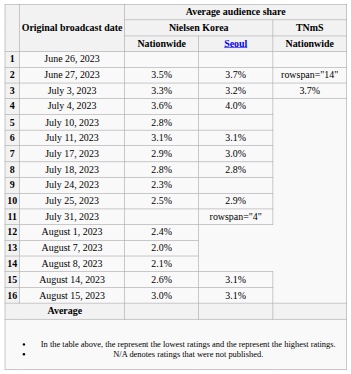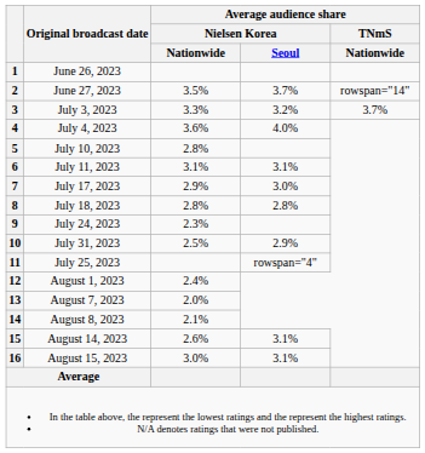 <table class="wikitable" style="text-align:center; max-width:600px; margin-left:auto; margin-right:auto">
 <tr>
 <th scope="col" rowspan="3"></th>
 <th scope="col" rowspan="3">Original broadcast date</th>
 <th scope="col" colspan="3">Average audience share</th>
 </tr>
 <tr>
 <th scope="col" colspan="2">Nielsen Korea</th>
 <th scope="col">TNmS</th>
 </tr>
 <tr>
 <th scope="col" style="width:7em">Nationwide</th>
 <th scope="col" style="width:7em"><a href='#'>Seoul</a></th>
 <th scope="col" style="width:7em">Nationwide</th>
 </tr>
 <tr>
 <th scope"row">1</th>
 <td>June 26, 2023</td>
 <td><strong></strong> </td>
 <td><strong></strong> </td>
 <td></td>
 </tr>
 <tr>
 <th scope"row">2</th>
 <td>June 27, 2023</td>
 <td>3.5% </td>
 <td>3.7% </td>
 <td>rowspan="14" </td>
 </tr>
 <tr>
 <th scope"row">3</th>
 <td>July 3, 2023</td>
 <td>3.3% </td>
 <td>3.2% </td>
 <td>3.7% </td>
 </tr>
 <tr>
 <th scope"row">4</th>
 <td>July 4, 2023</td>
 <td>3.6% </td>
 <td>4.0% </td>
 </tr>
 <tr>
 <th scope"row">5</th>
 <td>July 10, 2023</td>
 <td>2.8% </td>
 <td><strong></strong> </td>
 </tr>
 <tr>
 <th scope"row">6</th>
 <td>July 11, 2023</td>
 <td>3.1% </td>
 <td>3.1% </td>
 </tr>
 <tr>
 <th scope"row">7</th>
 <td>July 17, 2023</td>
 <td>2.9% </td>
 <td>3.0% </td>
 </tr>
 <tr>
 <th scope"row">8</th>
 <td>July 18, 2023</td>
 <td>2.8% </td>
 <td>2.8% </td>
 </tr>
 <tr>
 <th scope"row">9</th>
 <td>July 24, 2023</td>
 <td>2.3% </td>
 <td></td>
 </tr>
 <tr>
 <th scope"row">10</th>
-<td>July 25, 2023</td>
+<td>July 31, 2023</td>
 <td>2.5% </td>
 <td>2.9% </td>
 </tr>
 <tr>
 <th scope"row">11</th>
-<td>July 31, 2023</td>
+<td>July 25, 2023</td>
 <td><strong></strong> </td>
 <td>rowspan="4" </td>
 </tr>
 <tr>
 <th scope"row">12</th>
 <td>August 1, 2023</td>
 <td>2.4% </td>
 </tr>
 <tr>
 <th scope"row">13</th>
 <td>August 7, 2023</td>
 <td>2.0% </td>
 </tr>
 <tr>
 <th scope"row">14</th>
 <td>August 8, 2023</td>
 <td>2.1% </td>
 </tr>
 <tr>
 <th scope"row">15</th>
 <td>August 14, 2023</td>
 <td>2.6% </td>
 <td>3.1% </td>
 </tr>
 <tr>
 <th scope"row">16</th>
 <td>August 15, 2023</td>
 <td>3.0% </td>
 <td>3.1% </td>
 </tr>
 <tr>
 <th scope="col" colspan="2">Average</th>
 <th scope="col"></th>
 <th scope="col"></th>
 <th scope="col"></th>
 </tr>
 <tr>
 <td colspan="5" style="font-size:85%"><br><ul><li>In the table above, the <strong></strong> represent the lowest ratings and the <strong></strong> represent the highest ratings.</li><li>N/A denotes ratings that were not published.</li></ul></td>
 </tr>
 </table>
